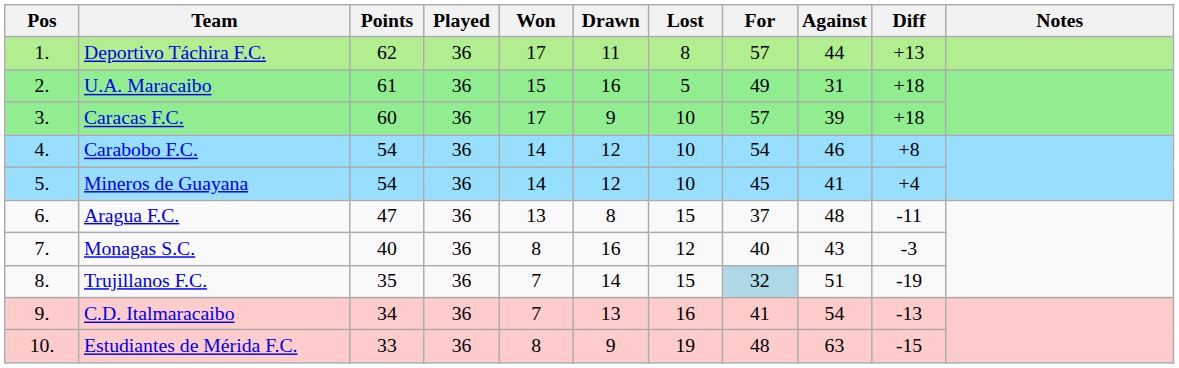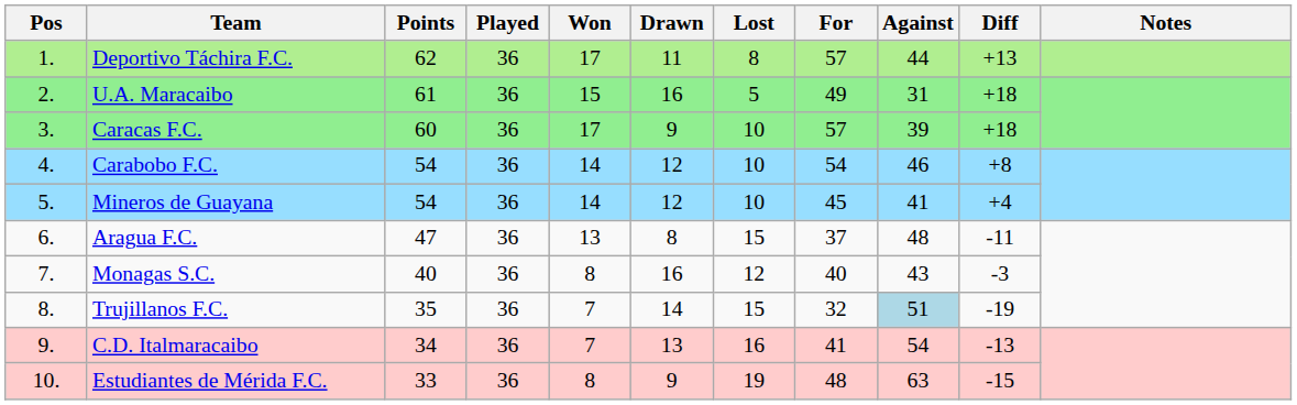 <table class="wikitable" style="font-size:85%; text-align:center;">
 <tr>
 <th width="45">Pos</th>
 <th width="180">Team</th>
 <th width="45">Points</th>
 <th width="45">Played</th>
 <th width="45">Won</th>
 <th width="45">Drawn</th>
 <th width="45">Lost</th>
 <th width="45">For</th>
 <th width="45">Against</th>
 <th width="45">Diff</th>
 <th width="150">Notes</th>
 </tr>
 <tr style="background: #B0EE90;">
 <td>1.</td>
 <td align=left><a href='#'>Deportivo Táchira F.C.</a></td>
 <td>62</td>
 <td>36</td>
 <td>17</td>
 <td>11</td>
 <td>8</td>
 <td>57</td>
 <td>44</td>
 <td>+13</td>
 <td></td>
 </tr>
 <tr style="background: #90EE90;">
 <td>2.</td>
 <td align=left><a href='#'>U.A. Maracaibo</a></td>
 <td>61</td>
 <td>36</td>
 <td>15</td>
 <td>16</td>
 <td>5</td>
 <td>49</td>
 <td>31</td>
 <td>+18</td>
 <td rowspan="2"></td>
 </tr>
 <tr style="background: #90EE90;">
 <td>3.</td>
 <td align=left><a href='#'>Caracas F.C.</a></td>
 <td>60</td>
 <td>36</td>
 <td>17</td>
 <td>9</td>
 <td>10</td>
 <td>57</td>
 <td>39</td>
 <td>+18</td>
 </tr>
 <tr style="background: #97DEFF;">
 <td>4.</td>
 <td align=left><a href='#'>Carabobo F.C.</a></td>
 <td>54</td>
 <td>36</td>
 <td>14</td>
 <td>12</td>
 <td>10</td>
 <td>54</td>
 <td>46</td>
 <td>+8</td>
 <td rowspan="2"></td>
 </tr>
 <tr style="background:#97DEFF;">
 <td>5.</td>
 <td align=left><a href='#'>Mineros de Guayana</a></td>
 <td>54</td>
 <td>36</td>
 <td>14</td>
 <td>12</td>
 <td>10</td>
 <td>45</td>
 <td>41</td>
 <td>+4</td>
 </tr>
 <tr>
 <td>6.</td>
 <td align=left><a href='#'>Aragua F.C.</a></td>
 <td>47</td>
 <td>36</td>
 <td>13</td>
 <td>8</td>
 <td>15</td>
 <td>37</td>
 <td>48</td>
 <td>-11</td>
 </tr>
 <tr>
 <td>7.</td>
 <td align=left><a href='#'>Monagas S.C.</a></td>
 <td>40</td>
 <td>36</td>
 <td>8</td>
 <td>16</td>
 <td>12</td>
 <td>40</td>
 <td>43</td>
 <td>-3</td>
 </tr>
 <tr>
 <td>8.</td>
 <td align=left><a href='#'>Trujillanos F.C.</a></td>
 <td>35</td>
 <td>36</td>
 <td>7</td>
 <td>14</td>
 <td>15</td>
-<td style="background: lightblue;">32</td>
-<td>51</td>
+<td>32</td>
+<td style="background: lightblue;">51</td>
 <td>-19</td>
 </tr>
 <tr style="background: #FFCCCC;">
 <td>9.</td>
 <td align=left><a href='#'>C.D. Italmaracaibo</a></td>
 <td>34</td>
 <td>36</td>
 <td>7</td>
 <td>13</td>
 <td>16</td>
 <td>41</td>
 <td>54</td>
 <td>-13</td>
 <td rowspan="2"></td>
 </tr>
 <tr style="background: #FFCCCC;">
 <td>10.</td>
 <td align=left><a href='#'>Estudiantes de Mérida F.C.</a></td>
 <td>33</td>
 <td>36</td>
 <td>8</td>
 <td>9</td>
 <td>19</td>
 <td>48</td>
 <td>63</td>
 <td>-15</td>
 </tr>
 </table>
